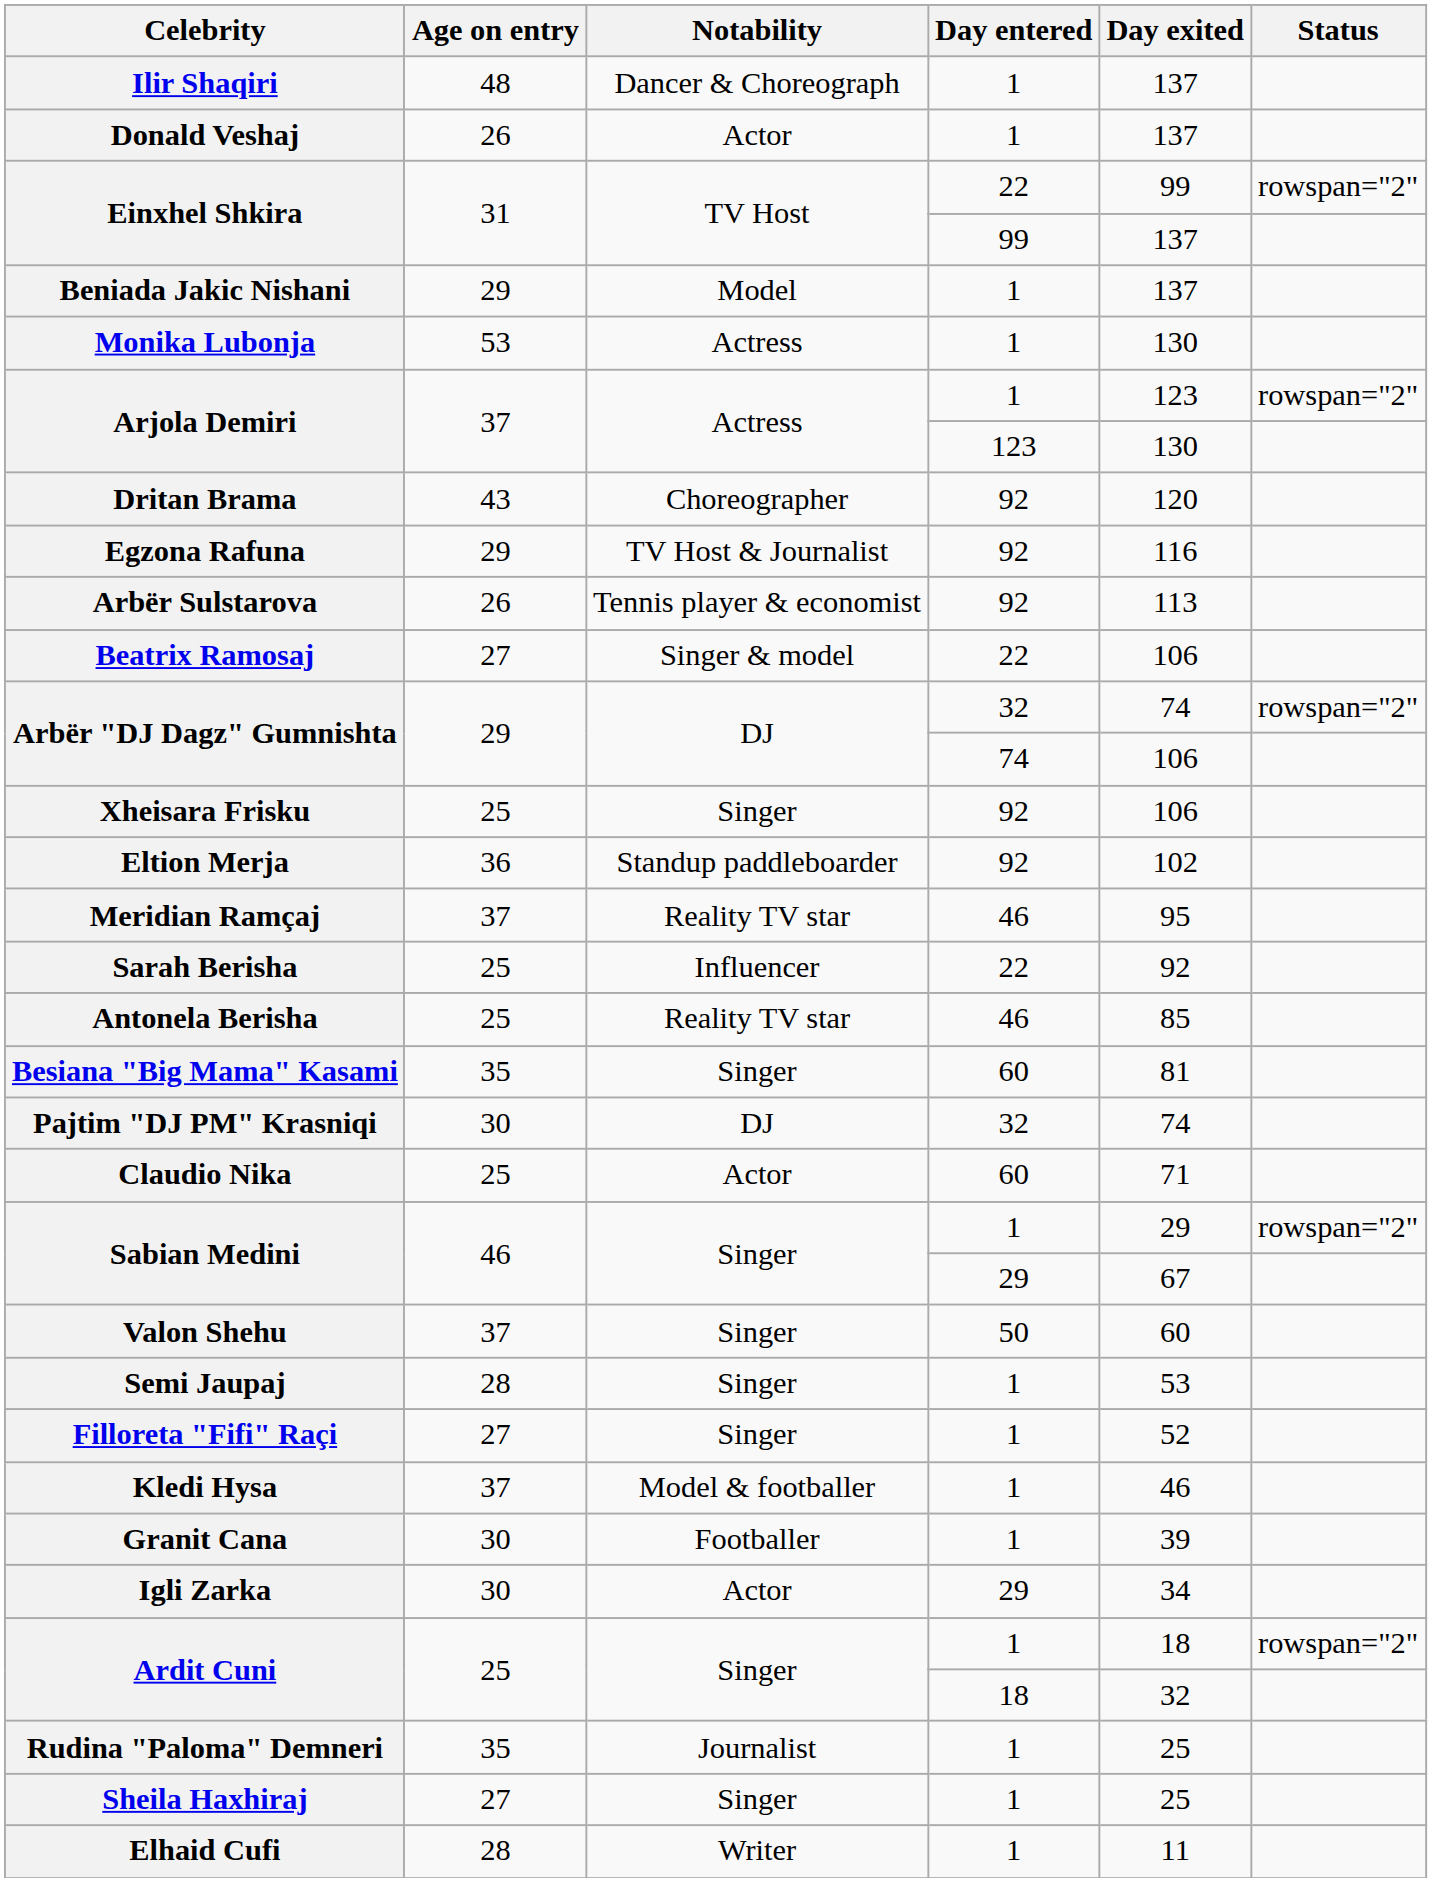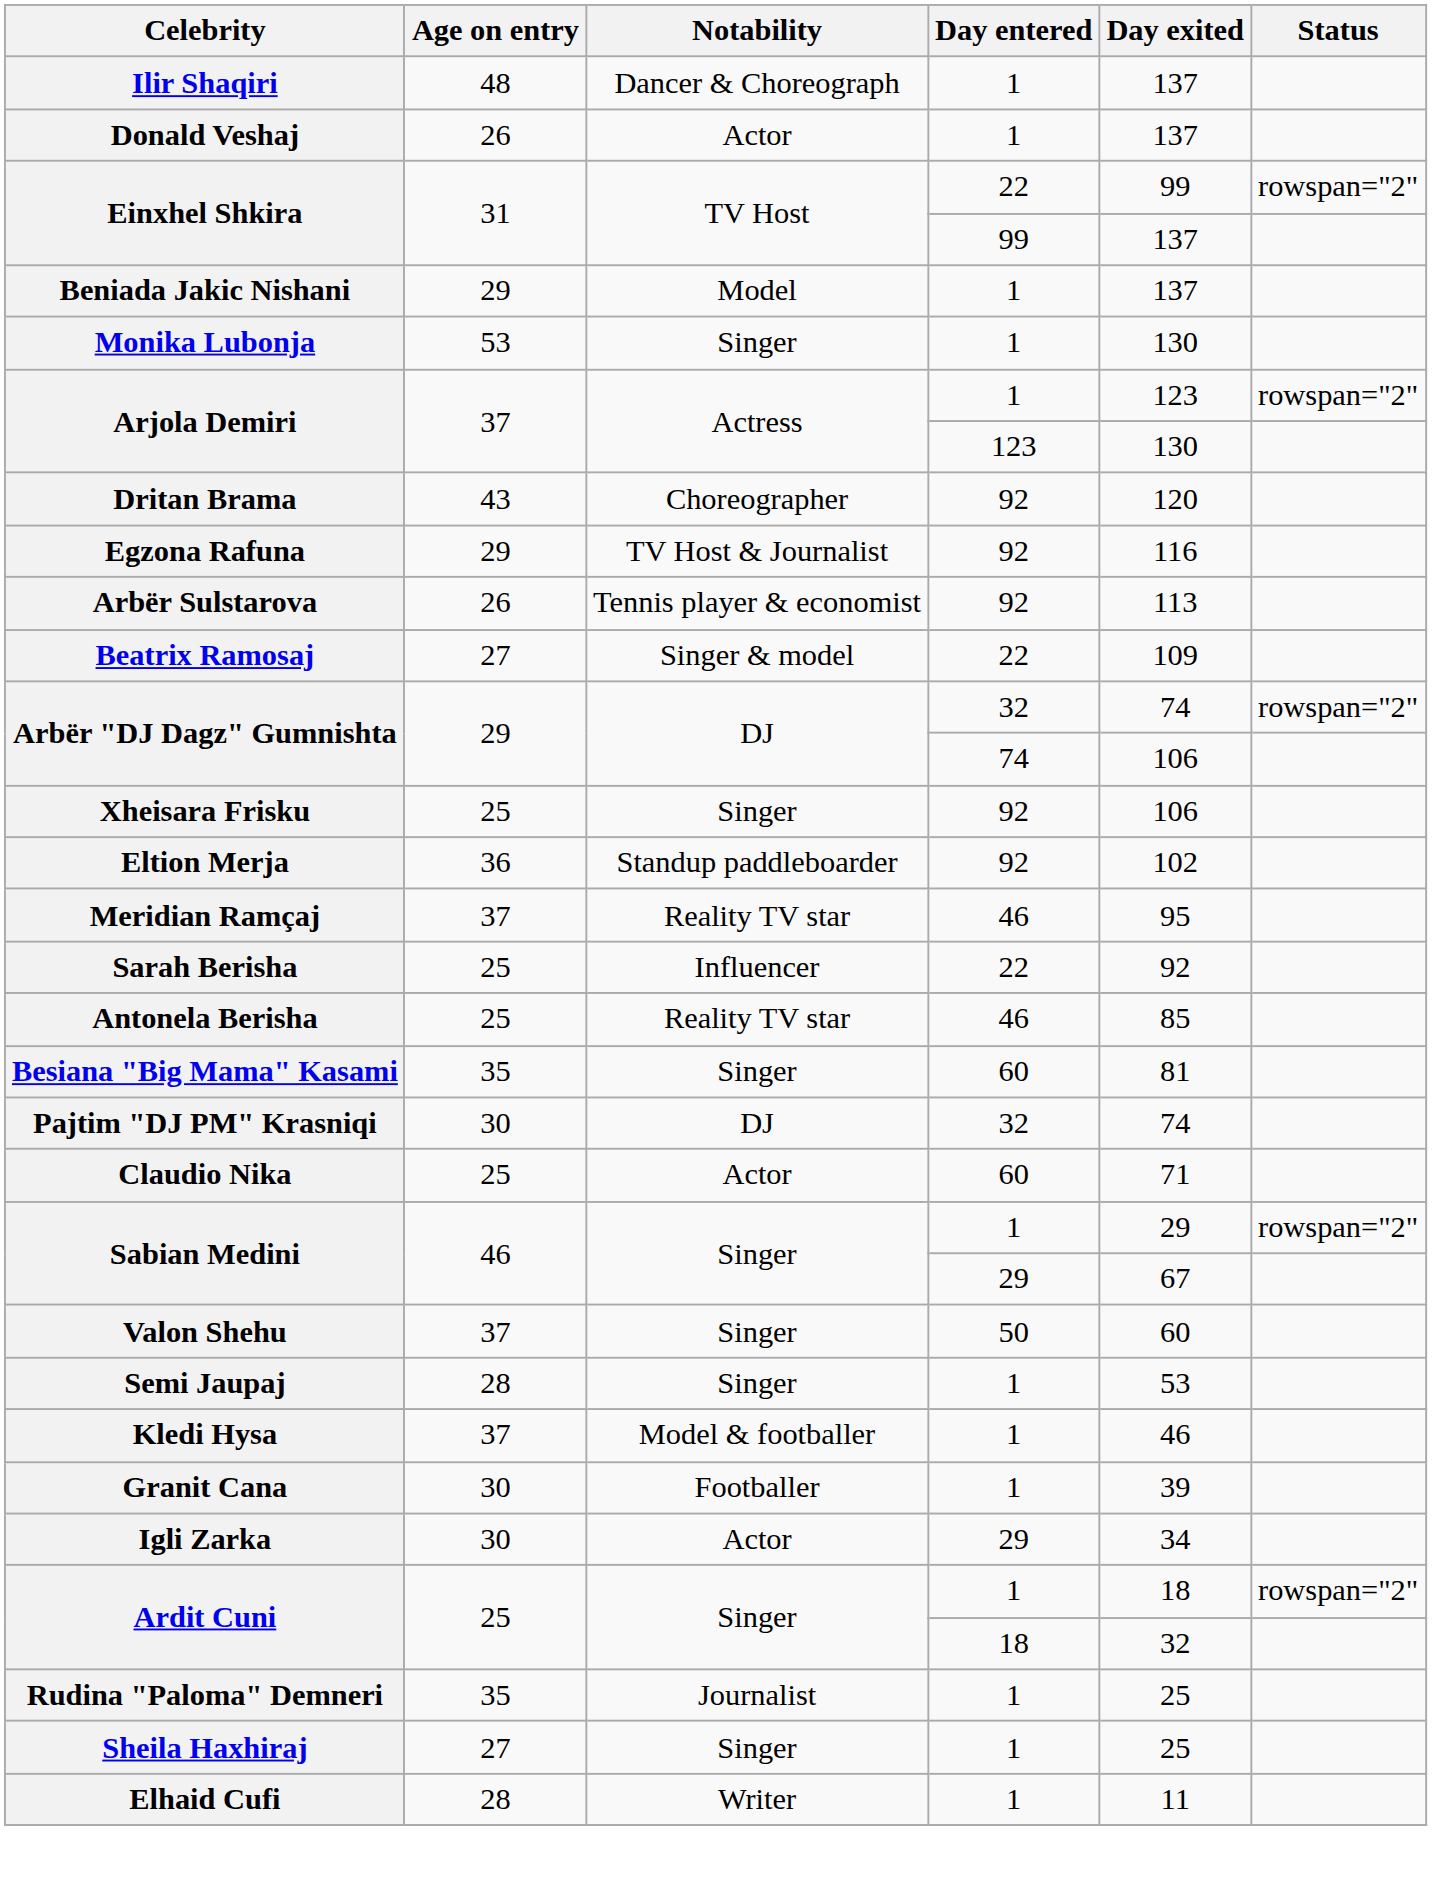 <table class="wikitable sortable" style="text-align:left; line-height:20px; width:auto;">
 <tr>
 <th scope="col">Celebrity</th>
 <th scope="col">Age on entry</th>
 <th scope="col">Notability</th>
 <th scope="col">Day entered</th>
 <th scope="col">Day exited</th>
 <th scope="col">Status</th>
 </tr>
 <tr>
 <th scope="row"><a href='#'>Ilir Shaqiri</a></th>
 <td align="center">48</td>
 <td align="center">Dancer & Choreograph</td>
 <td align="center">1</td>
 <td align="center">137</td>
 <td></td>
 </tr>
 <tr>
 <th scope="row">Donald Veshaj</th>
 <td align="center">26</td>
 <td align="center">Actor</td>
 <td align="center">1</td>
 <td align="center">137</td>
 <td></td>
 </tr>
 <tr>
 <th scope="row" rowspan="2">Einxhel Shkira</th>
 <td align="center" rowspan="2">31</td>
 <td align="center" rowspan="2">TV Host</td>
 <td align="center">22</td>
 <td align="center">99</td>
 <td>rowspan="2" </td>
 </tr>
 <tr>
 <td align="center">99</td>
 <td align="center">137</td>
 </tr>
 <tr>
 <th scope="row">Beniada Jakic Nishani</th>
 <td align="center">29</td>
 <td align="center">Model</td>
 <td align="center">1</td>
 <td align="center">137</td>
 <td></td>
 </tr>
 <tr>
 <th scope="row"><a href='#'>Monika Lubonja</a></th>
 <td align="center">53</td>
-<td align="center">Actress</td>
+<td align="center">Singer</td>
 <td align="center">1</td>
 <td align="center">130</td>
 <td></td>
 </tr>
 <tr>
 <th scope="row" rowspan="2">Arjola Demiri</th>
 <td align="center" rowspan="2">37</td>
 <td align="center" rowspan="2">Actress</td>
 <td align="center">1</td>
 <td align="center">123</td>
 <td>rowspan="2" </td>
 </tr>
 <tr>
 <td align="center">123</td>
 <td align="center">130</td>
 </tr>
 <tr>
 <th scope="row">Dritan Brama</th>
 <td align="center">43</td>
 <td align="center">Choreographer</td>
 <td align="center">92</td>
 <td align="center">120</td>
 <td></td>
 </tr>
 <tr>
 <th scope="row">Egzona Rafuna</th>
 <td align="center">29</td>
 <td align="center">TV Host & Journalist</td>
 <td align="center">92</td>
 <td align="center">116</td>
 <td></td>
 </tr>
 <tr>
 <th scope="row">Arbër Sulstarova</th>
 <td align="center">26</td>
 <td align="center">Tennis player & economist</td>
 <td align="center">92</td>
 <td align="center">113</td>
 <td></td>
 </tr>
 <tr>
 <th scope="row"><a href='#'>Beatrix Ramosaj</a></th>
 <td align="center">27</td>
 <td align="center">Singer & model</td>
 <td align="center">22</td>
-<td align="center">106</td>
+<td align="center">109</td>
 <td></td>
 </tr>
 <tr>
 <th scope="row" rowspan="2">Arbër "DJ Dagz" Gumnishta</th>
 <td align="center" rowspan="2">29</td>
 <td align="center" rowspan="2">DJ</td>
 <td align="center">32</td>
 <td align="center">74</td>
 <td>rowspan="2" </td>
 </tr>
 <tr>
 <td align="center">74</td>
 <td align="center">106</td>
 </tr>
 <tr>
 <th scope="row">Xheisara Frisku</th>
 <td align="center">25</td>
 <td align="center">Singer</td>
 <td align="center">92</td>
 <td align="center">106</td>
 <td></td>
 </tr>
 <tr>
 <th scope="row">Eltion Merja</th>
 <td align="center">36</td>
 <td align="center">Standup paddleboarder</td>
 <td align="center">92</td>
 <td align="center">102</td>
 <td></td>
 </tr>
 <tr>
 <th scope="row">Meridian Ramçaj</th>
 <td align="center">37</td>
 <td align="center">Reality TV star</td>
 <td align="center">46</td>
 <td align="center">95</td>
 <td></td>
 </tr>
 <tr>
 <th scope="row">Sarah Berisha</th>
 <td align="center">25</td>
 <td align="center">Influencer</td>
 <td align="center">22</td>
 <td align="center">92</td>
 <td></td>
 </tr>
 <tr>
 <th scope="row">Antonela Berisha</th>
 <td align="center">25</td>
 <td align="center">Reality TV star</td>
 <td align="center">46</td>
 <td align="center">85</td>
 <td></td>
 </tr>
 <tr>
 <th scope="row"><a href='#'>Besiana "Big Mama" Kasami</a></th>
 <td align="center">35</td>
 <td align="center">Singer</td>
 <td align="center">60</td>
 <td align="center">81</td>
 <td></td>
 </tr>
 <tr>
 <th scope="row">Pajtim "DJ PM" Krasniqi</th>
 <td align="center">30</td>
 <td align="center">DJ</td>
 <td align="center">32</td>
 <td align="center">74</td>
 <td></td>
 </tr>
 <tr>
 <th scope="row">Claudio Nika</th>
 <td align="center">25</td>
 <td align="center">Actor</td>
 <td align="center">60</td>
 <td align="center">71</td>
 <td></td>
 </tr>
 <tr>
 <th scope="row" rowspan="2">Sabian Medini</th>
 <td align="center" rowspan="2">46</td>
 <td align="center" rowspan="2">Singer</td>
 <td align="center">1</td>
 <td align="center">29</td>
 <td>rowspan="2" </td>
 </tr>
 <tr>
 <td align="center">29</td>
 <td align="center">67</td>
 </tr>
 <tr>
 <th scope="row">Valon Shehu</th>
 <td align="center">37</td>
 <td align="center">Singer</td>
 <td align="center">50</td>
 <td align="center">60</td>
 <td></td>
 </tr>
 <tr>
 <th scope="row">Semi Jaupaj</th>
 <td align="center">28</td>
 <td align="center">Singer</td>
 <td align="center">1</td>
 <td align="center">53</td>
 <td></td>
 </tr>
 <tr>
-<th scope="row"><a href='#'>Filloreta "Fifi" Raçi</a></th>
-<td align="center">27</td>
-<td align="center">Singer</td>
-<td align="center">1</td>
-<td align="center">52</td>
-<td></td>
-</tr>
-<tr>
 <th scope="row">Kledi Hysa</th>
 <td align="center">37</td>
 <td align="center">Model & footballer</td>
 <td align="center">1</td>
 <td align="center">46</td>
 <td></td>
 </tr>
 <tr>
 <th scope="row">Granit Cana</th>
 <td align="center">30</td>
 <td align="center">Footballer</td>
 <td align="center">1</td>
 <td align="center">39</td>
 <td></td>
 </tr>
 <tr>
 <th scope="row">Igli Zarka</th>
 <td align="center">30</td>
 <td align="center">Actor</td>
 <td align="center">29</td>
 <td align="center">34</td>
 <td></td>
 </tr>
 <tr>
 <th scope="row" rowspan="2"><a href='#'>Ardit Cuni</a></th>
 <td align="center" rowspan="2">25</td>
 <td align="center" rowspan="2">Singer</td>
 <td align="center">1</td>
 <td align="center">18</td>
 <td>rowspan="2" </td>
 </tr>
 <tr>
 <td align="center">18</td>
 <td align="center">32</td>
 </tr>
 <tr>
 <th scope="row">Rudina "Paloma" Demneri</th>
 <td align="center">35</td>
 <td align="center">Journalist</td>
 <td align="center">1</td>
 <td align="center">25</td>
 <td></td>
 </tr>
 <tr>
 <th scope="row"><a href='#'>Sheila Haxhiraj</a></th>
 <td align="center">27</td>
 <td align="center">Singer</td>
 <td align="center">1</td>
 <td align="center">25</td>
 <td></td>
 </tr>
 <tr>
 <th scope="row">Elhaid Cufi</th>
 <td align="center">28</td>
 <td align="center">Writer</td>
 <td align="center">1</td>
 <td align="center">11</td>
 <td></td>
 </tr>
 <tr>
 </tr>
 </table>
